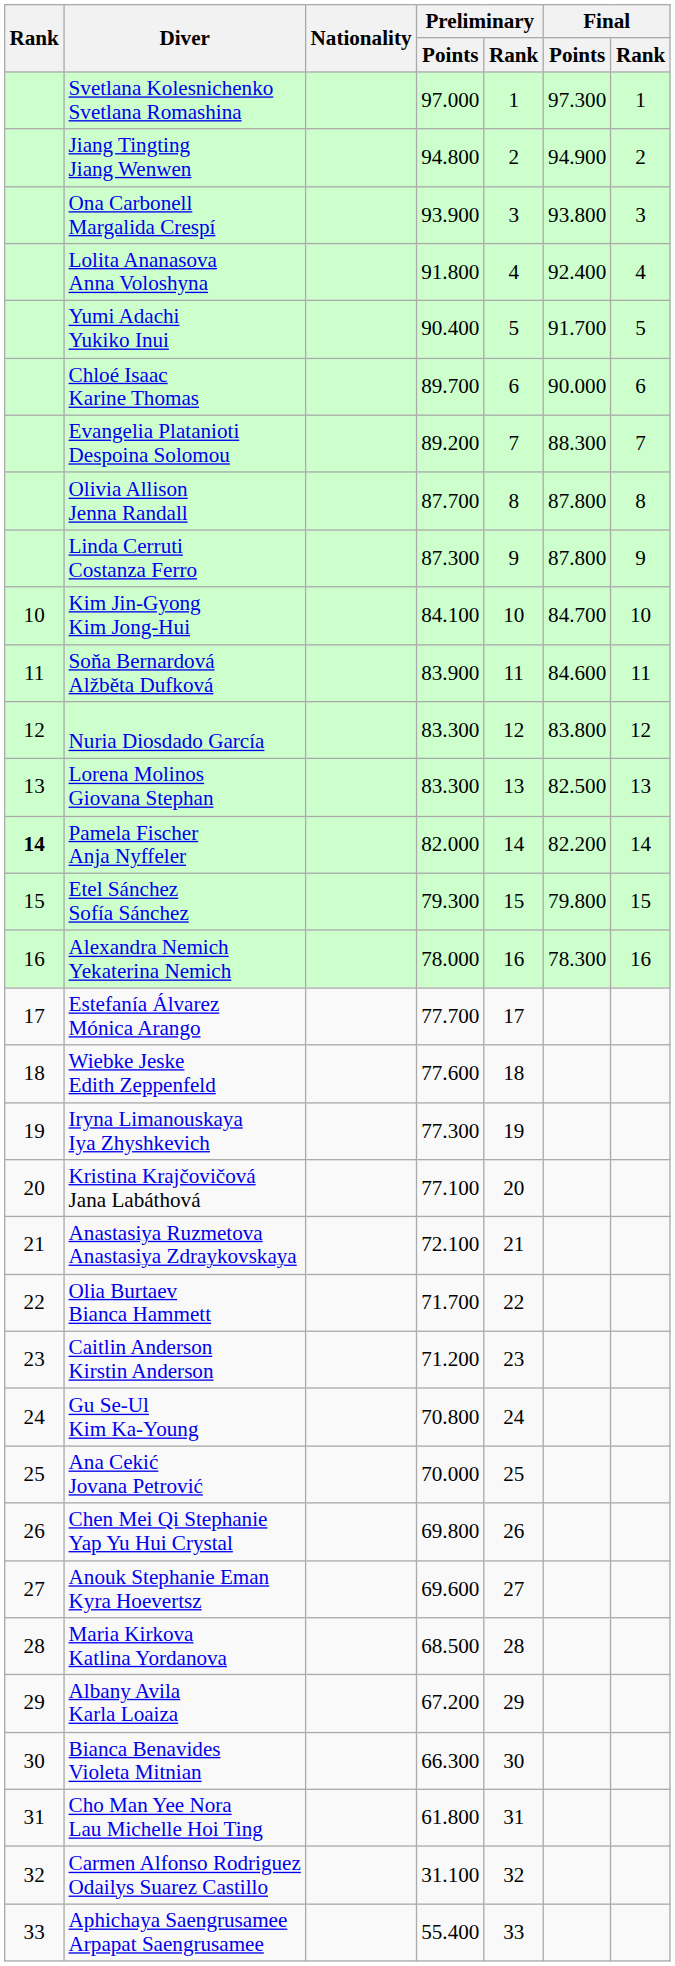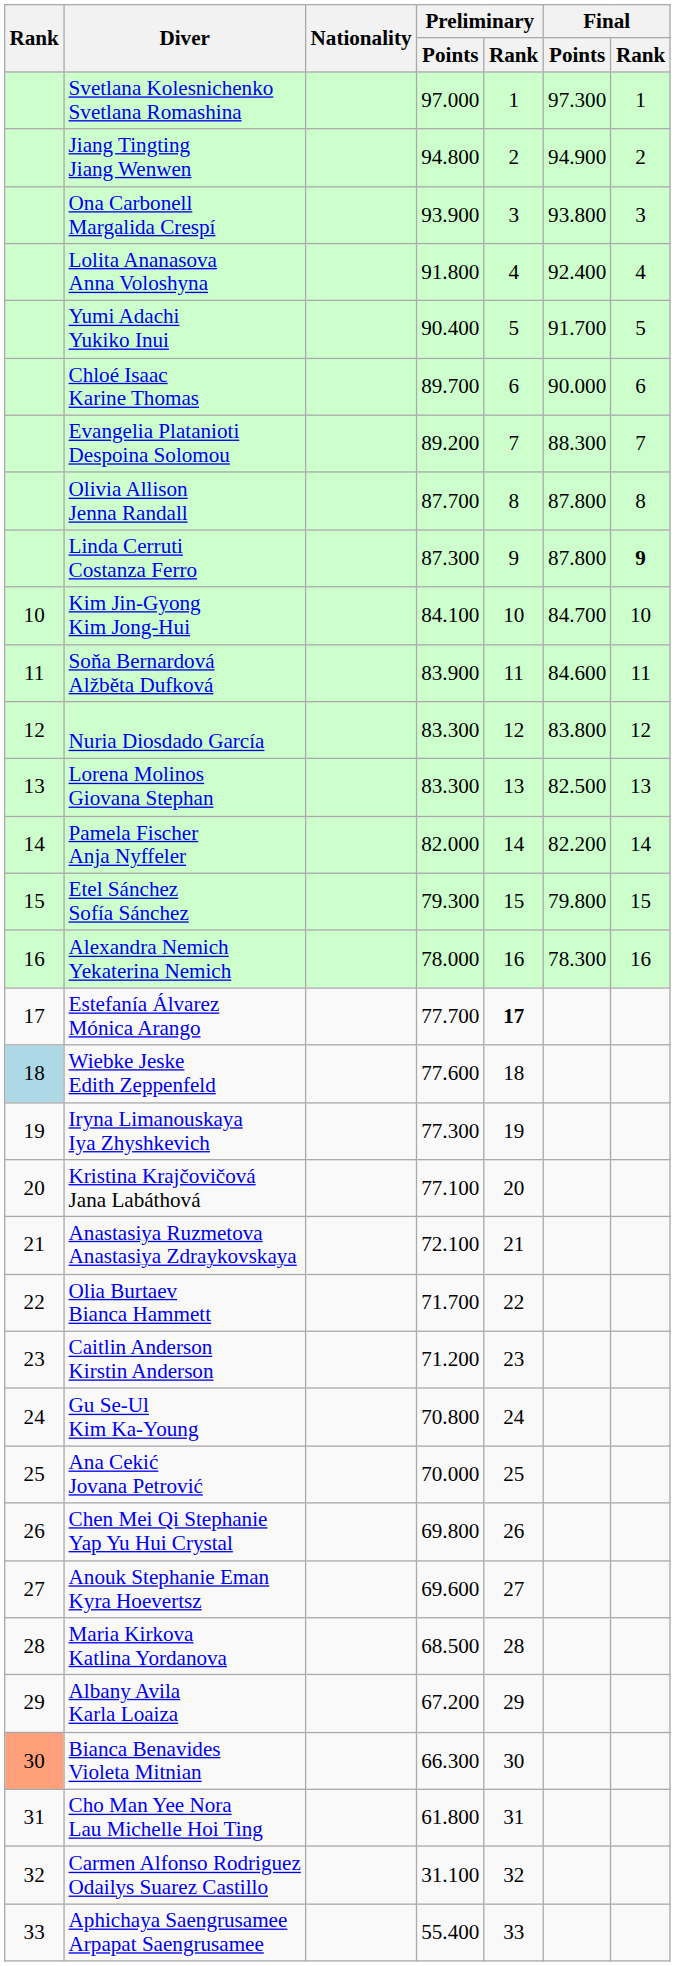 <table class="wikitable sortable" style="text-align:center">
 <tr>
 <th rowspan="2">Rank</th>
 <th rowspan="2">Diver</th>
 <th rowspan="2">Nationality</th>
 <th colspan="2">Preliminary</th>
 <th colspan="2">Final</th>
 </tr>
 <tr>
 <th>Points</th>
 <th>Rank</th>
 <th>Points</th>
 <th>Rank</th>
 </tr>
 <tr bgcolor=ccffcc>
 <td></td>
 <td align=left><a href='#'>Svetlana Kolesnichenko</a><br><a href='#'>Svetlana Romashina</a></td>
 <td align=left></td>
 <td>97.000</td>
 <td>1</td>
 <td>97.300</td>
 <td>1</td>
 </tr>
 <tr bgcolor=ccffcc>
 <td></td>
 <td align=left><a href='#'>Jiang Tingting</a><br><a href='#'>Jiang Wenwen</a></td>
 <td align=left></td>
 <td>94.800</td>
 <td>2</td>
 <td>94.900</td>
 <td>2</td>
 </tr>
 <tr bgcolor=ccffcc>
 <td></td>
 <td align=left><a href='#'>Ona Carbonell</a><br><a href='#'>Margalida Crespí</a></td>
 <td align=left></td>
 <td>93.900</td>
 <td>3</td>
 <td>93.800</td>
 <td>3</td>
 </tr>
 <tr bgcolor=ccffcc>
 <td></td>
 <td align=left><a href='#'>Lolita Ananasova</a><br><a href='#'>Anna Voloshyna</a></td>
 <td align=left></td>
 <td>91.800</td>
 <td>4</td>
 <td>92.400</td>
 <td>4</td>
 </tr>
 <tr bgcolor=ccffcc>
 <td></td>
 <td align=left><a href='#'>Yumi Adachi</a><br><a href='#'>Yukiko Inui</a></td>
 <td align=left></td>
 <td>90.400</td>
 <td>5</td>
 <td>91.700</td>
 <td>5</td>
 </tr>
 <tr bgcolor=ccffcc>
 <td></td>
 <td align=left><a href='#'>Chloé Isaac</a><br><a href='#'>Karine Thomas</a></td>
 <td align=left></td>
 <td>89.700</td>
 <td>6</td>
 <td>90.000</td>
 <td>6</td>
 </tr>
 <tr bgcolor=ccffcc>
 <td></td>
 <td align=left><a href='#'>Evangelia Platanioti</a><br><a href='#'>Despoina Solomou</a></td>
 <td align=left></td>
 <td>89.200</td>
 <td>7</td>
 <td>88.300</td>
 <td>7</td>
 </tr>
 <tr bgcolor=ccffcc>
 <td></td>
 <td align=left><a href='#'>Olivia Allison</a><br><a href='#'>Jenna Randall</a></td>
 <td align=left></td>
 <td>87.700</td>
 <td>8</td>
 <td>87.800</td>
 <td>8</td>
 </tr>
 <tr bgcolor=ccffcc>
 <td></td>
 <td align=left><a href='#'>Linda Cerruti</a><br><a href='#'>Costanza Ferro</a></td>
 <td align=left></td>
 <td>87.300</td>
 <td>9</td>
 <td>87.800</td>
-<td>9</td>
+<td><strong>9</strong></td>
 </tr>
 <tr bgcolor=ccffcc>
 <td>10</td>
 <td align=left><a href='#'>Kim Jin-Gyong</a><br><a href='#'>Kim Jong-Hui</a></td>
 <td align=left></td>
 <td>84.100</td>
 <td>10</td>
 <td>84.700</td>
 <td>10</td>
 </tr>
 <tr bgcolor=ccffcc>
 <td>11</td>
 <td align=left><a href='#'>Soňa Bernardová</a><br><a href='#'>Alžběta Dufková</a></td>
 <td align=left></td>
 <td>83.900</td>
 <td>11</td>
 <td>84.600</td>
 <td>11</td>
 </tr>
 <tr bgcolor=ccffcc>
 <td>12</td>
 <td align=left><br><a href='#'>Nuria Diosdado García</a></td>
 <td align=left></td>
 <td>83.300</td>
 <td>12</td>
 <td>83.800</td>
 <td>12</td>
 </tr>
 <tr bgcolor=ccffcc>
 <td>13</td>
 <td align=left><a href='#'>Lorena Molinos</a><br><a href='#'>Giovana Stephan</a></td>
 <td align=left></td>
 <td>83.300</td>
 <td>13</td>
 <td>82.500</td>
 <td>13</td>
 </tr>
 <tr bgcolor=ccffcc>
-<td><strong>14</strong></td>
+<td>14</td>
 <td align=left><a href='#'>Pamela Fischer</a><br><a href='#'>Anja Nyffeler</a></td>
 <td align=left></td>
 <td>82.000</td>
 <td>14</td>
 <td>82.200</td>
 <td>14</td>
 </tr>
 <tr bgcolor=ccffcc>
 <td>15</td>
 <td align=left><a href='#'>Etel Sánchez</a><br><a href='#'>Sofía Sánchez</a></td>
 <td align=left></td>
 <td>79.300</td>
 <td>15</td>
 <td>79.800</td>
 <td>15</td>
 </tr>
 <tr bgcolor=ccffcc>
 <td>16</td>
 <td align=left><a href='#'>Alexandra Nemich</a><br><a href='#'>Yekaterina Nemich</a></td>
 <td align=left></td>
 <td>78.000</td>
 <td>16</td>
 <td>78.300</td>
 <td>16</td>
 </tr>
 <tr>
 <td>17</td>
 <td align=left><a href='#'>Estefanía Álvarez</a><br><a href='#'>Mónica Arango</a></td>
 <td align=left></td>
 <td>77.700</td>
-<td>17</td>
+<td><strong>17</strong></td>
 <td></td>
 <td></td>
 </tr>
 <tr>
-<td>18</td>
+<td style="background: lightblue;">18</td>
 <td align=left><a href='#'>Wiebke Jeske</a><br><a href='#'>Edith Zeppenfeld</a></td>
 <td align=left></td>
 <td>77.600</td>
 <td>18</td>
 <td></td>
 <td></td>
 </tr>
 <tr>
 <td>19</td>
 <td align=left><a href='#'>Iryna Limanouskaya</a><br><a href='#'>Iya Zhyshkevich</a></td>
 <td align=left></td>
 <td>77.300</td>
 <td>19</td>
 <td></td>
 <td></td>
 </tr>
 <tr>
 <td>20</td>
 <td align=left><a href='#'>Kristina Krajčovičová</a><br>Jana Labáthová</td>
 <td align=left></td>
 <td>77.100</td>
 <td>20</td>
 <td></td>
 <td></td>
 </tr>
 <tr>
 <td>21</td>
 <td align=left><a href='#'>Anastasiya Ruzmetova</a><br><a href='#'>Anastasiya Zdraykovskaya</a></td>
 <td align=left></td>
 <td>72.100</td>
 <td>21</td>
 <td></td>
 <td></td>
 </tr>
 <tr>
 <td>22</td>
 <td align=left><a href='#'>Olia Burtaev</a><br><a href='#'>Bianca Hammett</a></td>
 <td align=left></td>
 <td>71.700</td>
 <td>22</td>
 <td></td>
 <td></td>
 </tr>
 <tr>
 <td>23</td>
 <td align=left><a href='#'>Caitlin Anderson</a><br><a href='#'>Kirstin Anderson</a></td>
 <td align=left></td>
 <td>71.200</td>
 <td>23</td>
 <td></td>
 <td></td>
 </tr>
 <tr>
 <td>24</td>
 <td align=left><a href='#'>Gu Se-Ul</a><br><a href='#'>Kim Ka-Young</a></td>
 <td align=left></td>
 <td>70.800</td>
 <td>24</td>
 <td></td>
 <td></td>
 </tr>
 <tr>
 <td>25</td>
 <td align=left><a href='#'>Ana Cekić</a><br><a href='#'>Jovana Petrović</a></td>
 <td align=left></td>
 <td>70.000</td>
 <td>25</td>
 <td></td>
 <td></td>
 </tr>
 <tr>
 <td>26</td>
 <td align=left><a href='#'>Chen Mei Qi Stephanie</a><br><a href='#'>Yap Yu Hui Crystal</a></td>
 <td align=left></td>
 <td>69.800</td>
 <td>26</td>
 <td></td>
 <td></td>
 </tr>
 <tr>
 <td>27</td>
 <td align=left><a href='#'>Anouk Stephanie Eman</a><br><a href='#'>Kyra Hoevertsz</a></td>
 <td align=left></td>
 <td>69.600</td>
 <td>27</td>
 <td></td>
 <td></td>
 </tr>
 <tr>
 <td>28</td>
 <td align=left><a href='#'>Maria Kirkova</a><br><a href='#'>Katlina Yordanova</a></td>
 <td align=left></td>
 <td>68.500</td>
 <td>28</td>
 <td></td>
 <td></td>
 </tr>
 <tr>
 <td>29</td>
 <td align=left><a href='#'>Albany Avila</a><br><a href='#'>Karla Loaiza</a></td>
 <td align=left></td>
 <td>67.200</td>
 <td>29</td>
 <td></td>
 <td></td>
 </tr>
 <tr>
-<td>30</td>
+<td style="background: lightsalmon;">30</td>
 <td align=left><a href='#'>Bianca Benavides</a><br><a href='#'>Violeta Mitnian</a></td>
 <td align=left></td>
 <td>66.300</td>
 <td>30</td>
 <td></td>
 <td></td>
 </tr>
 <tr>
 <td>31</td>
 <td align=left><a href='#'>Cho Man Yee Nora</a><br><a href='#'>Lau Michelle Hoi Ting</a></td>
 <td align=left></td>
 <td>61.800</td>
 <td>31</td>
 <td></td>
 <td></td>
 </tr>
 <tr>
 <td>32</td>
 <td align=left><a href='#'>Carmen Alfonso Rodriguez</a><br><a href='#'>Odailys Suarez Castillo</a></td>
 <td align=left></td>
 <td>31.100</td>
 <td>32</td>
 <td></td>
 <td></td>
 </tr>
 <tr>
 <td>33</td>
 <td align=left><a href='#'>Aphichaya Saengrusamee</a><br><a href='#'>Arpapat Saengrusamee</a></td>
 <td align=left></td>
 <td>55.400</td>
 <td>33</td>
 <td></td>
 <td></td>
 </tr>
 </table>
